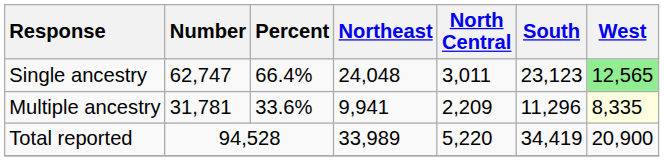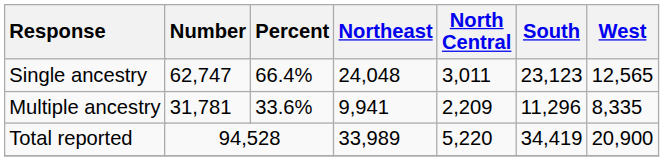 <table class="sort wikitable unsortable" style="font-size: 100%">
 <tr>
 <th colspan="2" style="text-align:left;">Response</th>
 <th>Number</th>
 <th>Percent</th>
 <th><a href='#'>Northeast</a></th>
 <th><a href='#'>North<br> Central</a></th>
 <th><a href='#'>South</a></th>
 <th><a href='#'>West</a></th>
 </tr>
 <tr>
 <td colspan="2" style="text-align:left;">Single ancestry</td>
 <td>62,747</td>
 <td>66.4%</td>
 <td>24,048</td>
 <td>3,011</td>
 <td>23,123</td>
-<td style="background: lightgreen;">12,565</td>
+<td>12,565</td>
 </tr>
 <tr>
 <td colspan="2" style="text-align:left;">Multiple ancestry</td>
 <td>31,781</td>
 <td>33.6%</td>
 <td>9,941</td>
 <td>2,209</td>
 <td>11,296</td>
-<td style="background: lightyellow;">8,335</td>
+<td>8,335</td>
 </tr>
 <tr>
 <td colspan="2" style="text-align:left;">Total reported</td>
 <td colspan=2 style="text-align:center;">94,528</td>
 <td>33,989</td>
 <td>5,220</td>
 <td>34,419</td>
 <td>20,900</td>
 </tr>
 <tr>
 </tr>
 </table>
